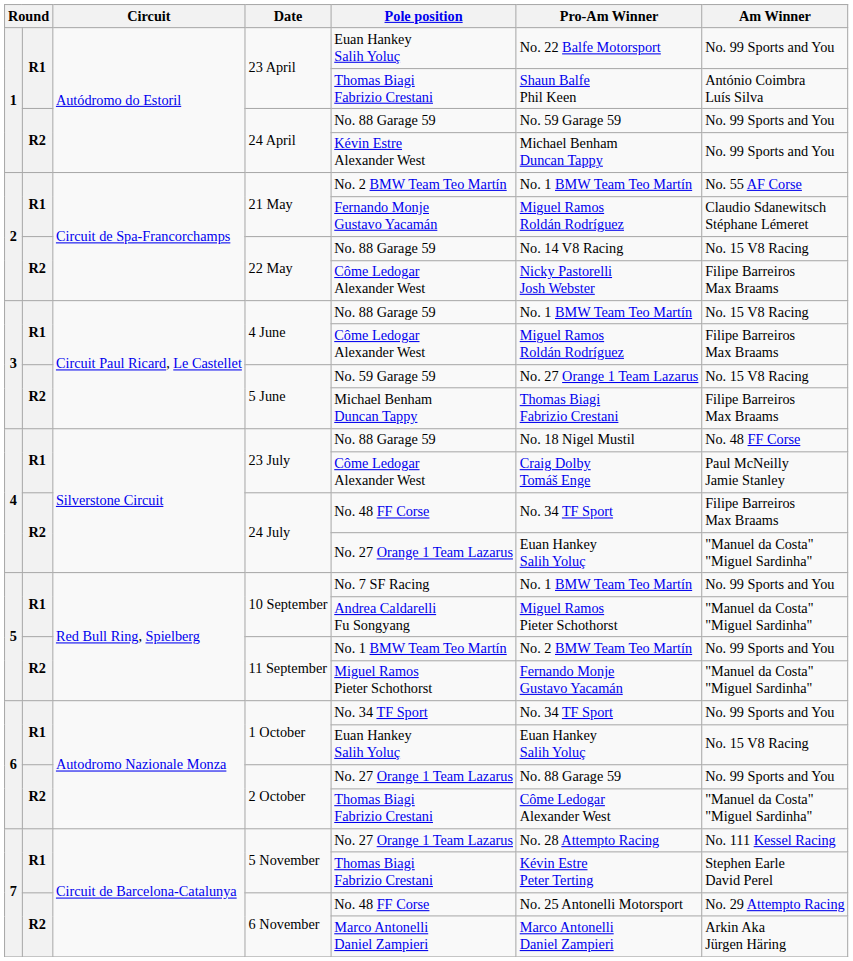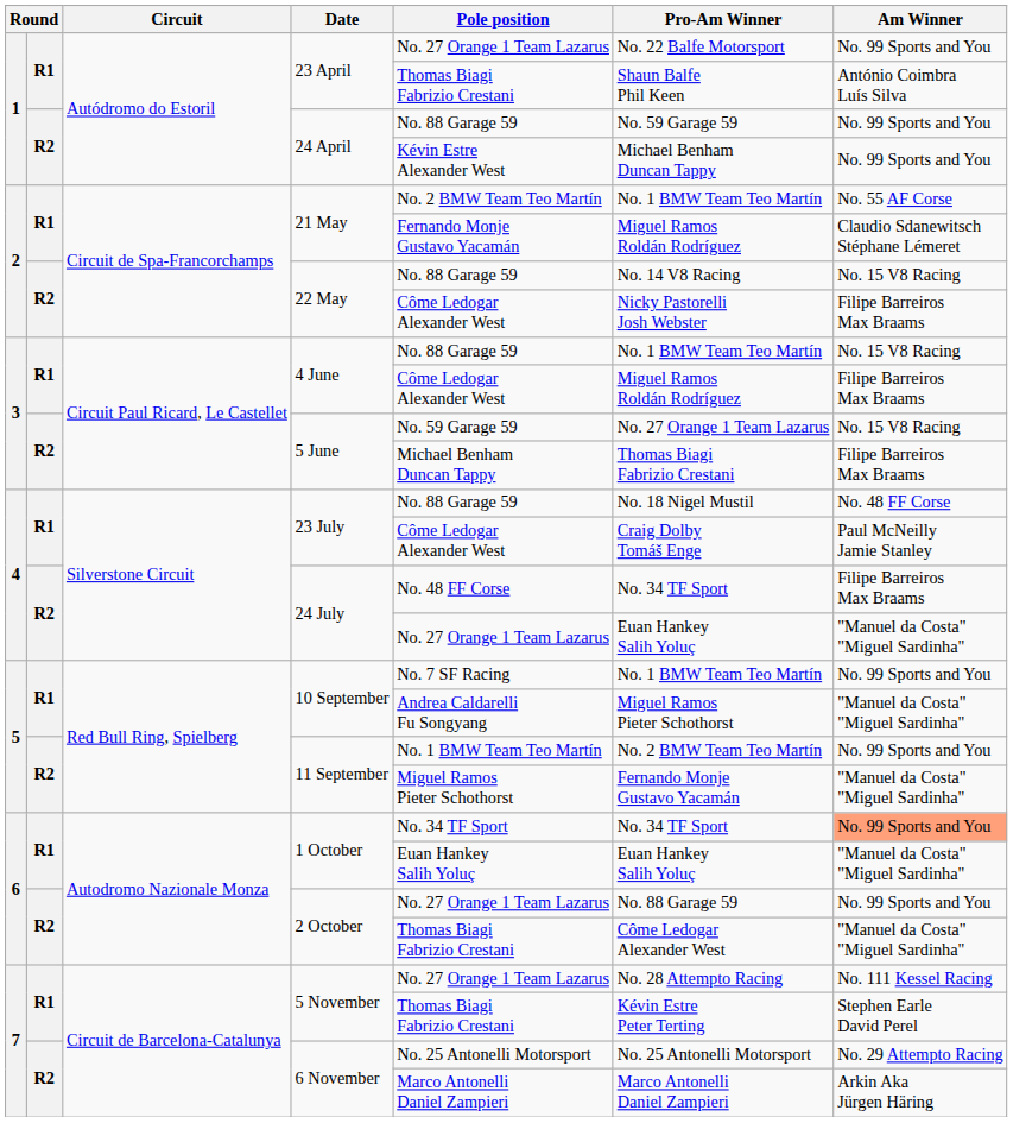 <table class="wikitable" style="font-size: 85%;">
 <tr>
 <th colspan=2>Round</th>
 <th>Circuit</th>
 <th>Date</th>
 <th><a href='#'>Pole position</a></th>
 <th>Pro-Am Winner</th>
 <th>Am Winner</th>
 </tr>
 <tr>
 <th rowspan=4>1</th>
 <th rowspan=2>R1</th>
 <td rowspan=4> <a href='#'>Autódromo do Estoril</a></td>
 <td rowspan=2>23 April</td>
-<td> Euan Hankey<br> <a href='#'>Salih Yoluç</a></td>
+<td> No. 27 <a href='#'>Orange 1 Team Lazarus</a></td>
 <td> No. 22 <a href='#'>Balfe Motorsport</a></td>
 <td> No. 99 Sports and You</td>
 </tr>
 <tr>
 <td> <a href='#'>Thomas Biagi</a><br> <a href='#'>Fabrizio Crestani</a></td>
 <td> <a href='#'>Shaun Balfe</a><br> Phil Keen</td>
 <td> António Coimbra<br> Luís Silva</td>
 </tr>
 <tr>
 <th rowspan=2>R2</th>
 <td rowspan=2>24 April</td>
 <td> No. 88 Garage 59</td>
 <td> No. 59 Garage 59</td>
 <td> No. 99 Sports and You</td>
 </tr>
 <tr>
 <td> <a href='#'>Kévin Estre</a><br> Alexander West</td>
 <td> Michael Benham<br> <a href='#'>Duncan Tappy</a></td>
 <td> No. 99 Sports and You</td>
 </tr>
 <tr>
 <th rowspan=4>2</th>
 <th rowspan=2>R1</th>
 <td rowspan=4> <a href='#'>Circuit de Spa-Francorchamps</a></td>
 <td rowspan=2>21 May</td>
 <td> No. 2 <a href='#'>BMW Team Teo Martín</a></td>
 <td> No. 1 <a href='#'>BMW Team Teo Martín</a></td>
 <td> No. 55 <a href='#'>AF Corse</a></td>
 </tr>
 <tr>
 <td> <a href='#'>Fernando Monje</a><br> <a href='#'>Gustavo Yacamán</a></td>
 <td> <a href='#'>Miguel Ramos</a><br> <a href='#'>Roldán Rodríguez</a></td>
 <td> Claudio Sdanewitsch<br> Stéphane Lémeret</td>
 </tr>
 <tr>
 <th rowspan=2>R2</th>
 <td rowspan=2>22 May</td>
 <td> No. 88 Garage 59</td>
 <td> No. 14 V8 Racing</td>
 <td> No. 15 V8 Racing</td>
 </tr>
 <tr>
 <td> <a href='#'>Côme Ledogar</a><br> Alexander West</td>
 <td> <a href='#'>Nicky Pastorelli</a><br> <a href='#'>Josh Webster</a></td>
 <td> Filipe Barreiros<br> Max Braams</td>
 </tr>
 <tr>
 <th rowspan=4>3</th>
 <th rowspan=2>R1</th>
 <td rowspan=4> <a href='#'>Circuit Paul Ricard</a>, <a href='#'>Le Castellet</a></td>
 <td rowspan=2>4 June</td>
 <td> No. 88 Garage 59</td>
 <td> No. 1 <a href='#'>BMW Team Teo Martín</a></td>
 <td> No. 15 V8 Racing</td>
 </tr>
 <tr>
 <td> <a href='#'>Côme Ledogar</a><br> Alexander West</td>
 <td> <a href='#'>Miguel Ramos</a><br> <a href='#'>Roldán Rodríguez</a></td>
 <td> Filipe Barreiros<br> Max Braams</td>
 </tr>
 <tr>
 <th rowspan=2>R2</th>
 <td rowspan=2>5 June</td>
 <td> No. 59 Garage 59</td>
 <td> No. 27 <a href='#'>Orange 1 Team Lazarus</a></td>
 <td> No. 15 V8 Racing</td>
 </tr>
 <tr>
 <td> Michael Benham<br> <a href='#'>Duncan Tappy</a></td>
 <td> <a href='#'>Thomas Biagi</a><br> <a href='#'>Fabrizio Crestani</a></td>
 <td> Filipe Barreiros<br> Max Braams</td>
 </tr>
 <tr>
 <th rowspan=4>4</th>
 <th rowspan=2>R1</th>
 <td rowspan=4> <a href='#'>Silverstone Circuit</a></td>
 <td rowspan=2>23 July</td>
 <td> No. 88 Garage 59</td>
 <td> No. 18 Nigel Mustil</td>
 <td> No. 48 <a href='#'>FF Corse</a></td>
 </tr>
 <tr>
 <td> <a href='#'>Côme Ledogar</a><br> Alexander West</td>
 <td> <a href='#'>Craig Dolby</a><br> <a href='#'>Tomáš Enge</a></td>
 <td> Paul McNeilly<br> Jamie Stanley</td>
 </tr>
 <tr>
 <th rowspan=2>R2</th>
 <td rowspan=2>24 July</td>
 <td> No. 48 <a href='#'>FF Corse</a></td>
 <td> No. 34 <a href='#'>TF Sport</a></td>
 <td> Filipe Barreiros<br> Max Braams</td>
 </tr>
 <tr>
 <td> No. 27 <a href='#'>Orange 1 Team Lazarus</a></td>
 <td> Euan Hankey<br> <a href='#'>Salih Yoluç</a></td>
 <td> "Manuel da Costa"<br> "Miguel Sardinha"</td>
 </tr>
 <tr>
 <th rowspan=4>5</th>
 <th rowspan=2>R1</th>
 <td rowspan=4> <a href='#'>Red Bull Ring</a>, <a href='#'>Spielberg</a></td>
 <td rowspan=2>10 September</td>
 <td> No. 7 SF Racing</td>
 <td> No. 1 <a href='#'>BMW Team Teo Martín</a></td>
 <td> No. 99 Sports and You</td>
 </tr>
 <tr>
 <td> <a href='#'>Andrea Caldarelli</a><br> Fu Songyang</td>
 <td> <a href='#'>Miguel Ramos</a><br> Pieter Schothorst</td>
 <td> "Manuel da Costa"<br> "Miguel Sardinha"</td>
 </tr>
 <tr>
 <th rowspan=2>R2</th>
 <td rowspan=2>11 September</td>
 <td> No. 1 <a href='#'>BMW Team Teo Martín</a></td>
 <td> No. 2 <a href='#'>BMW Team Teo Martín</a></td>
 <td> No. 99 Sports and You</td>
 </tr>
 <tr>
 <td> <a href='#'>Miguel Ramos</a><br> Pieter Schothorst</td>
 <td> <a href='#'>Fernando Monje</a><br> <a href='#'>Gustavo Yacamán</a></td>
 <td> "Manuel da Costa"<br> "Miguel Sardinha"</td>
 </tr>
 <tr>
 <th rowspan=4>6</th>
 <th rowspan=2>R1</th>
 <td rowspan=4> <a href='#'>Autodromo Nazionale Monza</a></td>
 <td rowspan=2>1 October</td>
 <td> No. 34 <a href='#'>TF Sport</a></td>
 <td> No. 34 <a href='#'>TF Sport</a></td>
-<td> No. 99 Sports and You</td>
+<td style="background: lightsalmon;"> No. 99 Sports and You</td>
 </tr>
 <tr>
 <td> Euan Hankey<br> <a href='#'>Salih Yoluç</a></td>
 <td> Euan Hankey<br> <a href='#'>Salih Yoluç</a></td>
-<td> No. 15 V8 Racing</td>
+<td> "Manuel da Costa"<br> "Miguel Sardinha"</td>
 </tr>
 <tr>
 <th rowspan=2>R2</th>
 <td rowspan=2>2 October</td>
 <td> No. 27 <a href='#'>Orange 1 Team Lazarus</a></td>
 <td> No. 88 Garage 59</td>
 <td> No. 99 Sports and You</td>
 </tr>
 <tr>
 <td> <a href='#'>Thomas Biagi</a><br> <a href='#'>Fabrizio Crestani</a></td>
 <td> <a href='#'>Côme Ledogar</a><br> Alexander West</td>
 <td> "Manuel da Costa"<br> "Miguel Sardinha"</td>
 </tr>
 <tr>
 <th rowspan=4>7</th>
 <th rowspan=2>R1</th>
 <td rowspan=4> <a href='#'>Circuit de Barcelona-Catalunya</a></td>
 <td rowspan=2>5 November</td>
 <td> No. 27 <a href='#'>Orange 1 Team Lazarus</a></td>
 <td> No. 28 <a href='#'>Attempto Racing</a></td>
 <td> No. 111 <a href='#'>Kessel Racing</a></td>
 </tr>
 <tr>
 <td> <a href='#'>Thomas Biagi</a><br> <a href='#'>Fabrizio Crestani</a></td>
 <td> <a href='#'>Kévin Estre</a><br> <a href='#'>Peter Terting</a></td>
 <td> Stephen Earle<br> David Perel</td>
 </tr>
 <tr>
 <th rowspan=2>R2</th>
 <td rowspan=2>6 November</td>
-<td> No. 48 <a href='#'>FF Corse</a></td>
+<td> No. 25 Antonelli Motorsport</td>
 <td> No. 25 Antonelli Motorsport</td>
 <td> No. 29 <a href='#'>Attempto Racing</a></td>
 </tr>
 <tr>
 <td> <a href='#'>Marco Antonelli</a><br> <a href='#'>Daniel Zampieri</a></td>
 <td> <a href='#'>Marco Antonelli</a><br> <a href='#'>Daniel Zampieri</a></td>
 <td> Arkin Aka<br> Jürgen Häring</td>
 </tr>
 </table>
